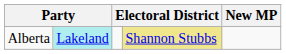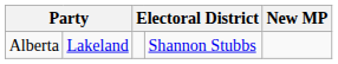 <table class="wikitable">
 <tr>
 <th colspan=2>Party</th>
 <th colspan=2>Electoral District</th>
 <th colspan=2>New MP</th>
 </tr>
 <tr>
 <td>Alberta</td>
-<td style="background: paleturquoise;"><a href='#'>Lakeland</a></td>
+<td><a href='#'>Lakeland</a></td>
 <td> </td>
-<td style="background: khaki;"><a href='#'>Shannon Stubbs</a></td>
+<td><a href='#'>Shannon Stubbs</a></td>
 </tr>
 </table>
